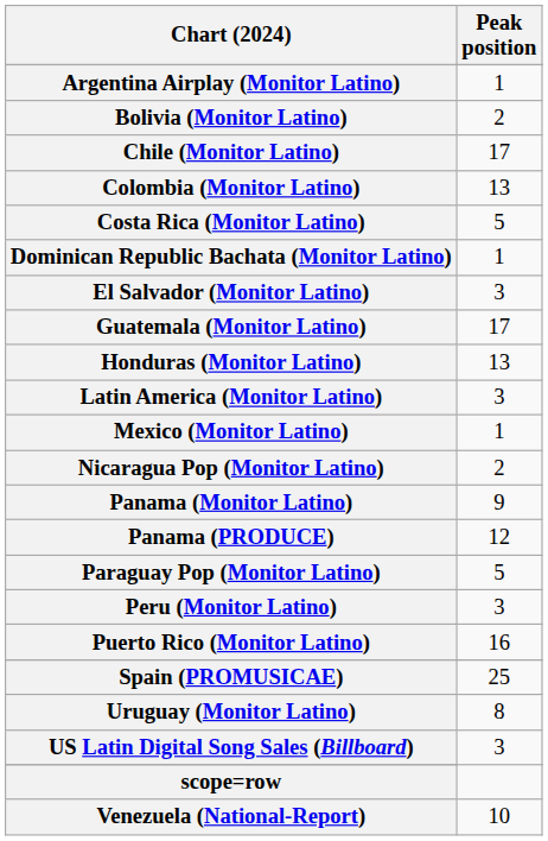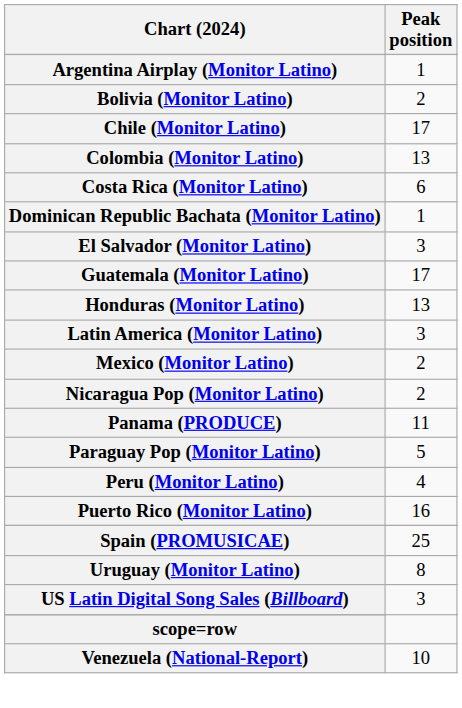 <table class="wikitable sortable plainrowheaders" style="text-align:center">
 <tr>
 <th scope="col">Chart (2024)</th>
 <th scope="col">Peak<br>position</th>
 </tr>
 <tr>
 </tr>
 <tr>
 <th scope="row">Argentina Airplay (<a href='#'>Monitor Latino</a>)</th>
 <td>1</td>
 </tr>
 <tr>
 <th scope="row">Bolivia (<a href='#'>Monitor Latino</a>)</th>
 <td>2</td>
 </tr>
 <tr>
 <th scope="row">Chile (<a href='#'>Monitor Latino</a>)</th>
 <td>17</td>
 </tr>
 <tr>
 <th scope="row">Colombia (<a href='#'>Monitor Latino</a>)</th>
 <td>13</td>
 </tr>
 <tr>
 <th scope="row">Costa Rica (<a href='#'>Monitor Latino</a>)</th>
-<td>5</td>
+<td>6</td>
 </tr>
 <tr>
 <th scope="row">Dominican Republic Bachata (<a href='#'>Monitor Latino</a>)</th>
 <td align=center>1</td>
 </tr>
 <tr>
 <th scope="row">El Salvador (<a href='#'>Monitor Latino</a>)</th>
 <td>3</td>
 </tr>
 <tr>
 <th scope="row">Guatemala (<a href='#'>Monitor Latino</a>)</th>
 <td>17</td>
 </tr>
 <tr>
 <th scope="row">Honduras (<a href='#'>Monitor Latino</a>)</th>
 <td>13</td>
 </tr>
 <tr>
 <th scope="row">Latin America (<a href='#'>Monitor Latino</a>)</th>
 <td>3</td>
 </tr>
 <tr>
 <th scope="row">Mexico (<a href='#'>Monitor Latino</a>)</th>
-<td>1</td>
+<td>2</td>
 </tr>
 <tr>
 <th scope="row">Nicaragua Pop (<a href='#'>Monitor Latino</a>)</th>
 <td>2</td>
 </tr>
 <tr>
-<th scope="row">Panama (<a href='#'>Monitor Latino</a>)</th>
-<td>9</td>
-</tr>
-<tr>
 <th scope="row">Panama (<a href='#'>PRODUCE</a>)</th>
-<td>12</td>
+<td>11</td>
 </tr>
 <tr>
 <th scope="row">Paraguay Pop (<a href='#'>Monitor Latino</a>)</th>
 <td>5</td>
 </tr>
 <tr>
 <th scope="row">Peru (<a href='#'>Monitor Latino</a>)</th>
-<td>3</td>
+<td>4</td>
 </tr>
 <tr>
 <th scope="row">Puerto Rico (<a href='#'>Monitor Latino</a>)</th>
 <td>16</td>
 </tr>
 <tr>
 </tr>
 <tr>
 </tr>
 <tr>
 <th scope="row">Spain (<a href='#'>PROMUSICAE</a>)</th>
 <td>25</td>
 </tr>
 <tr>
 <th scope="row">Uruguay (<a href='#'>Monitor Latino</a>)</th>
 <td>8</td>
 </tr>
 <tr>
 <th scope="row">US <a href='#'>Latin Digital Song Sales</a> (<em><a href='#'>Billboard</a></em>)</th>
 <td>3</td>
 </tr>
 <tr>
 </tr>
 <tr>
 <th>scope=row</th>
 </tr>
 <tr>
 <th scope="row">Venezuela (<a href='#'>National-Report</a>)</th>
 <td>10</td>
 </tr>
 </table>
